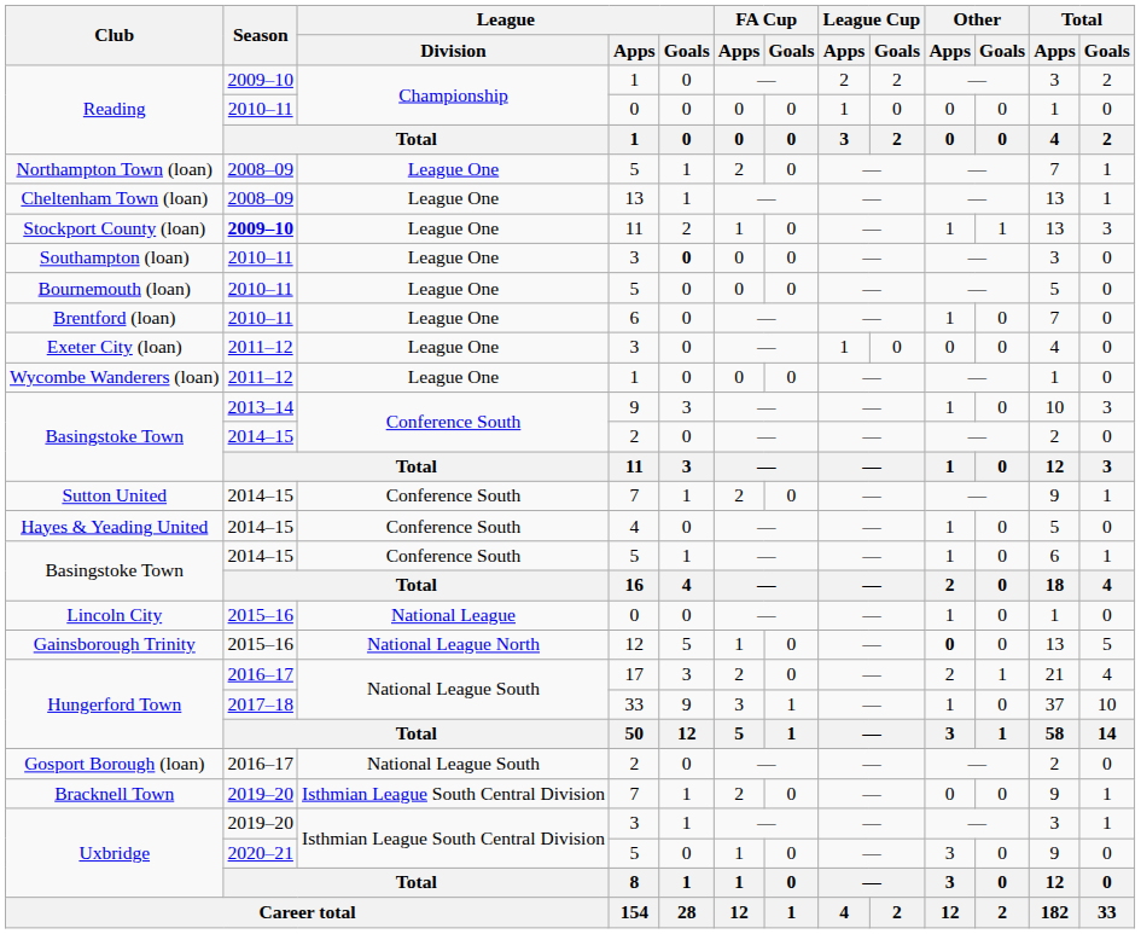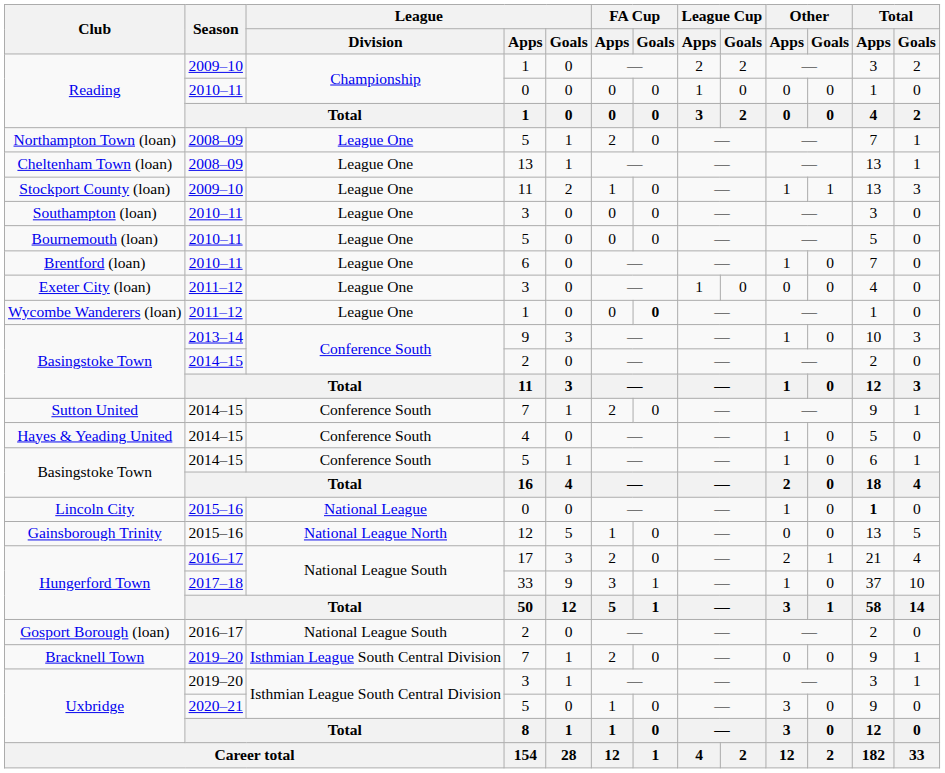 <table class="wikitable" style="text-align: center">
 <tr>
 <th rowspan=2>Club</th>
 <th rowspan=2>Season</th>
 <th colspan=3>League</th>
 <th colspan=2>FA Cup</th>
 <th colspan=2>League Cup</th>
 <th colspan=2>Other</th>
 <th colspan="2">Total</th>
 </tr>
 <tr>
 <th>Division</th>
 <th>Apps</th>
 <th>Goals</th>
 <th>Apps</th>
 <th>Goals</th>
 <th>Apps</th>
 <th>Goals</th>
 <th>Apps</th>
 <th>Goals</th>
 <th>Apps</th>
 <th>Goals</th>
 </tr>
 <tr>
 <td rowspan="3"><a href='#'>Reading</a></td>
 <td><a href='#'>2009–10</a></td>
 <td rowspan="2"><a href='#'>Championship</a></td>
 <td>1</td>
 <td>0</td>
 <td colspan="2">—</td>
 <td>2</td>
 <td>2</td>
 <td colspan="2">—</td>
 <td>3</td>
 <td>2</td>
 </tr>
 <tr>
 <td><a href='#'>2010–11</a></td>
 <td>0</td>
 <td>0</td>
 <td>0</td>
 <td>0</td>
 <td>1</td>
 <td>0</td>
 <td>0</td>
 <td>0</td>
 <td>1</td>
 <td>0</td>
 </tr>
 <tr>
 <th colspan=2>Total</th>
 <th>1</th>
 <th>0</th>
 <th>0</th>
 <th>0</th>
 <th>3</th>
 <th>2</th>
 <th>0</th>
 <th>0</th>
 <th>4</th>
 <th>2</th>
 </tr>
 <tr>
 <td><a href='#'>Northampton Town</a> (loan)</td>
 <td><a href='#'>2008–09</a></td>
 <td><a href='#'>League One</a></td>
 <td>5</td>
 <td>1</td>
 <td>2</td>
 <td>0</td>
 <td colspan="2">—</td>
 <td colspan="2">—</td>
 <td>7</td>
 <td>1</td>
 </tr>
 <tr>
 <td><a href='#'>Cheltenham Town</a> (loan)</td>
 <td><a href='#'>2008–09</a></td>
 <td>League One</td>
 <td>13</td>
 <td>1</td>
 <td colspan="2">—</td>
 <td colspan="2">—</td>
 <td colspan="2">—</td>
 <td>13</td>
 <td>1</td>
 </tr>
 <tr>
 <td><a href='#'>Stockport County</a> (loan)</td>
-<td><strong><a href='#'>2009–10</a></strong></td>
+<td><a href='#'>2009–10</a></td>
 <td>League One</td>
 <td>11</td>
 <td>2</td>
 <td>1</td>
 <td>0</td>
 <td colspan="2">—</td>
 <td>1</td>
 <td>1</td>
 <td>13</td>
 <td>3</td>
 </tr>
 <tr>
 <td><a href='#'>Southampton</a> (loan)</td>
 <td><a href='#'>2010–11</a></td>
 <td>League One</td>
 <td>3</td>
-<td><strong>0</strong></td>
+<td>0</td>
 <td>0</td>
 <td>0</td>
 <td colspan="2">—</td>
 <td colspan="2">—</td>
 <td>3</td>
 <td>0</td>
 </tr>
 <tr>
 <td><a href='#'>Bournemouth</a> (loan)</td>
 <td><a href='#'>2010–11</a></td>
 <td>League One</td>
 <td>5</td>
 <td>0</td>
 <td>0</td>
 <td>0</td>
 <td colspan="2">—</td>
 <td colspan="2">—</td>
 <td>5</td>
 <td>0</td>
 </tr>
 <tr>
 <td><a href='#'>Brentford</a> (loan)</td>
 <td><a href='#'>2010–11</a></td>
 <td>League One</td>
 <td>6</td>
 <td>0</td>
 <td colspan="2">—</td>
 <td colspan="2">—</td>
 <td>1</td>
 <td>0</td>
 <td>7</td>
 <td>0</td>
 </tr>
 <tr>
 <td><a href='#'>Exeter City</a> (loan)</td>
 <td><a href='#'>2011–12</a></td>
 <td>League One</td>
 <td>3</td>
 <td>0</td>
 <td colspan="2">—</td>
 <td>1</td>
 <td>0</td>
 <td>0</td>
 <td>0</td>
 <td>4</td>
 <td>0</td>
 </tr>
 <tr>
 <td><a href='#'>Wycombe Wanderers</a> (loan)</td>
 <td><a href='#'>2011–12</a></td>
 <td>League One</td>
 <td>1</td>
 <td>0</td>
 <td>0</td>
-<td>0</td>
+<td><strong>0</strong></td>
 <td colspan="2">—</td>
 <td colspan="2">—</td>
 <td>1</td>
 <td>0</td>
 </tr>
 <tr>
 <td rowspan="3"><a href='#'>Basingstoke Town</a></td>
 <td><a href='#'>2013–14</a></td>
 <td rowspan="2"><a href='#'>Conference South</a></td>
 <td>9</td>
 <td>3</td>
 <td colspan="2">—</td>
 <td colspan="2">—</td>
 <td>1</td>
 <td>0</td>
 <td>10</td>
 <td>3</td>
 </tr>
 <tr>
 <td><a href='#'>2014–15</a></td>
 <td>2</td>
 <td>0</td>
 <td colspan="2">—</td>
 <td colspan="2">—</td>
 <td colspan="2">—</td>
 <td>2</td>
 <td>0</td>
 </tr>
 <tr>
 <th colspan="2">Total</th>
 <th>11</th>
 <th>3</th>
 <th colspan="2">—</th>
 <th colspan="2">—</th>
 <th>1</th>
 <th>0</th>
 <th>12</th>
 <th>3</th>
 </tr>
 <tr>
 <td><a href='#'>Sutton United</a></td>
 <td>2014–15</td>
 <td>Conference South</td>
 <td>7</td>
 <td>1</td>
 <td>2</td>
 <td>0</td>
 <td colspan="2">—</td>
 <td colspan="2">—</td>
 <td>9</td>
 <td>1</td>
 </tr>
 <tr>
 <td><a href='#'>Hayes & Yeading United</a></td>
 <td>2014–15</td>
 <td>Conference South</td>
 <td>4</td>
 <td>0</td>
 <td colspan="2">—</td>
 <td colspan="2">—</td>
 <td>1</td>
 <td>0</td>
 <td>5</td>
 <td>0</td>
 </tr>
 <tr>
 <td rowspan="2">Basingstoke Town</td>
 <td>2014–15</td>
 <td>Conference South</td>
 <td>5</td>
 <td>1</td>
 <td colspan="2">—</td>
 <td colspan="2">—</td>
 <td>1</td>
 <td>0</td>
 <td>6</td>
 <td>1</td>
 </tr>
 <tr>
 <th colspan="2">Total</th>
 <th>16</th>
 <th>4</th>
 <th colspan="2">—</th>
 <th colspan="2">—</th>
 <th>2</th>
 <th>0</th>
 <th>18</th>
 <th>4</th>
 </tr>
 <tr>
 <td><a href='#'>Lincoln City</a></td>
 <td><a href='#'>2015–16</a></td>
 <td><a href='#'>National League</a></td>
 <td>0</td>
 <td>0</td>
 <td colspan="2">—</td>
 <td colspan="2">—</td>
 <td>1</td>
 <td>0</td>
-<td>1</td>
+<td><strong>1</strong></td>
 <td>0</td>
 </tr>
 <tr>
 <td><a href='#'>Gainsborough Trinity</a></td>
 <td>2015–16</td>
 <td><a href='#'>National League North</a></td>
 <td>12</td>
 <td>5</td>
 <td>1</td>
 <td>0</td>
 <td colspan="2">—</td>
-<td><strong>0</strong></td>
+<td>0</td>
 <td>0</td>
 <td>13</td>
 <td>5</td>
 </tr>
 <tr>
 <td rowspan="3"><a href='#'>Hungerford Town</a></td>
 <td><a href='#'>2016–17</a></td>
 <td rowspan="2">National League South</td>
 <td>17</td>
 <td>3</td>
 <td>2</td>
 <td>0</td>
 <td colspan="2">—</td>
 <td>2</td>
 <td>1</td>
 <td>21</td>
 <td>4</td>
 </tr>
 <tr>
 <td><a href='#'>2017–18</a></td>
 <td>33</td>
 <td>9</td>
 <td>3</td>
 <td>1</td>
 <td colspan="2">—</td>
 <td>1</td>
 <td>0</td>
 <td>37</td>
 <td>10</td>
 </tr>
 <tr>
 <th colspan="2">Total</th>
 <th>50</th>
 <th>12</th>
 <th>5</th>
 <th>1</th>
 <th colspan="2">—</th>
 <th>3</th>
 <th>1</th>
 <th>58</th>
 <th>14</th>
 </tr>
 <tr>
 <td><a href='#'>Gosport Borough</a> (loan)</td>
 <td>2016–17</td>
 <td>National League South</td>
 <td>2</td>
 <td>0</td>
 <td colspan="2">—</td>
 <td colspan="2">—</td>
 <td colspan="2">—</td>
 <td>2</td>
 <td>0</td>
 </tr>
 <tr>
 <td><a href='#'>Bracknell Town</a></td>
 <td><a href='#'>2019–20</a></td>
 <td><a href='#'>Isthmian League</a> South Central Division</td>
 <td>7</td>
 <td>1</td>
 <td>2</td>
 <td>0</td>
 <td colspan="2">—</td>
 <td>0</td>
 <td>0</td>
 <td>9</td>
 <td>1</td>
 </tr>
 <tr>
 <td rowspan="3"><a href='#'>Uxbridge</a></td>
 <td>2019–20</td>
 <td rowspan="2">Isthmian League South Central Division</td>
 <td>3</td>
 <td>1</td>
 <td colspan="2">—</td>
 <td colspan="2">—</td>
 <td colspan="2">—</td>
 <td>3</td>
 <td>1</td>
 </tr>
 <tr>
 <td><a href='#'>2020–21</a></td>
 <td>5</td>
 <td>0</td>
 <td>1</td>
 <td>0</td>
 <td colspan="2">—</td>
 <td>3</td>
 <td>0</td>
 <td>9</td>
 <td>0</td>
 </tr>
 <tr>
 <th colspan="2">Total</th>
 <th>8</th>
 <th>1</th>
 <th>1</th>
 <th>0</th>
 <th colspan="2">—</th>
 <th>3</th>
 <th>0</th>
 <th>12</th>
 <th>0</th>
 </tr>
 <tr>
 <th colspan="3">Career total</th>
 <th>154</th>
 <th>28</th>
 <th>12</th>
 <th>1</th>
 <th>4</th>
 <th>2</th>
 <th>12</th>
 <th>2</th>
 <th>182</th>
 <th>33</th>
 </tr>
 </table>
